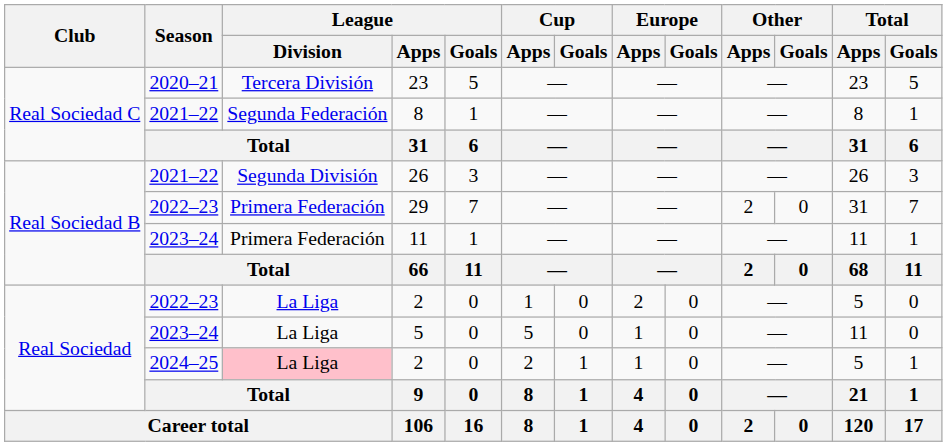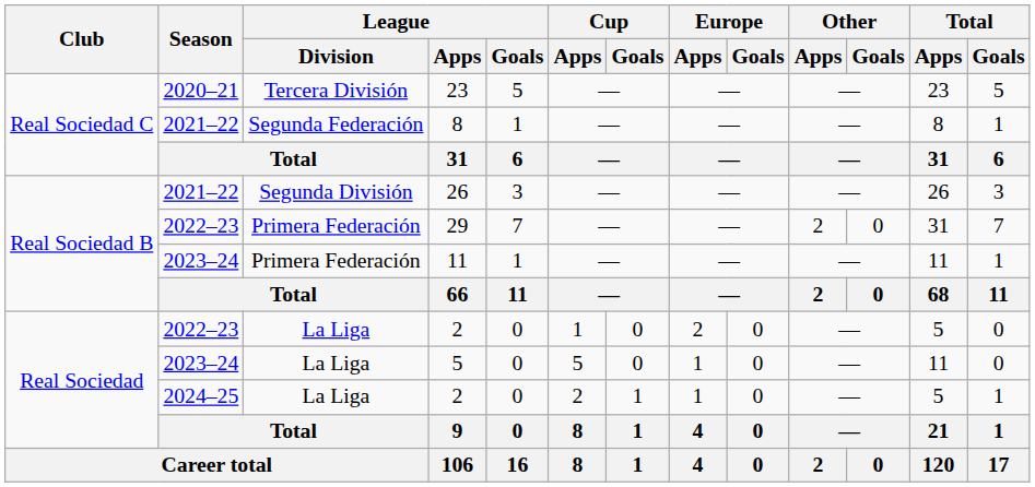 <table class="wikitable" style="text-align:center">
 <tr>
 <th rowspan="2">Club</th>
 <th rowspan="2">Season</th>
 <th colspan="3">League</th>
 <th colspan="2">Cup</th>
 <th colspan="2">Europe</th>
 <th colspan="2">Other</th>
 <th colspan="2">Total</th>
 </tr>
 <tr>
 <th>Division</th>
 <th>Apps</th>
 <th>Goals</th>
 <th>Apps</th>
 <th>Goals</th>
 <th>Apps</th>
 <th>Goals</th>
 <th>Apps</th>
 <th>Goals</th>
 <th>Apps</th>
 <th>Goals</th>
 </tr>
 <tr>
 <td rowspan="3"><a href='#'>Real Sociedad C</a></td>
 <td><a href='#'>2020–21</a></td>
 <td><a href='#'>Tercera División</a></td>
 <td>23</td>
 <td>5</td>
 <td colspan="2">—</td>
 <td colspan="2">—</td>
 <td colspan="2">—</td>
 <td>23</td>
 <td>5</td>
 </tr>
 <tr>
 <td><a href='#'>2021–22</a></td>
 <td><a href='#'>Segunda Federación</a></td>
 <td>8</td>
 <td>1</td>
 <td colspan="2">—</td>
 <td colspan="2">—</td>
 <td colspan="2">—</td>
 <td>8</td>
 <td>1</td>
 </tr>
 <tr>
 <th colspan="2">Total</th>
 <th>31</th>
 <th>6</th>
 <th colspan="2">—</th>
 <th colspan="2">—</th>
 <th colspan="2">—</th>
 <th>31</th>
 <th>6</th>
 </tr>
 <tr>
 <td rowspan="4"><a href='#'>Real Sociedad B</a></td>
 <td><a href='#'>2021–22</a></td>
 <td><a href='#'>Segunda División</a></td>
 <td>26</td>
 <td>3</td>
 <td colspan="2">—</td>
 <td colspan="2">—</td>
 <td colspan="2">—</td>
 <td>26</td>
 <td>3</td>
 </tr>
 <tr>
 <td><a href='#'>2022–23</a></td>
 <td><a href='#'>Primera Federación</a></td>
 <td>29</td>
 <td>7</td>
 <td colspan="2">—</td>
 <td colspan="2">—</td>
 <td>2</td>
 <td>0</td>
 <td>31</td>
 <td>7</td>
 </tr>
 <tr>
 <td><a href='#'>2023–24</a></td>
 <td>Primera Federación</td>
 <td>11</td>
 <td>1</td>
 <td colspan="2">—</td>
 <td colspan="2">—</td>
 <td colspan="2">—</td>
 <td>11</td>
 <td>1</td>
 </tr>
 <tr>
 <th colspan="2">Total</th>
 <th>66</th>
 <th>11</th>
 <th colspan="2">—</th>
 <th colspan="2">—</th>
 <th>2</th>
 <th>0</th>
 <th>68</th>
 <th>11</th>
 </tr>
 <tr>
 <td rowspan="4"><a href='#'>Real Sociedad</a></td>
 <td><a href='#'>2022–23</a></td>
 <td><a href='#'>La Liga</a></td>
 <td>2</td>
 <td>0</td>
 <td>1</td>
 <td>0</td>
 <td>2</td>
 <td>0</td>
 <td colspan="2">—</td>
 <td>5</td>
 <td>0</td>
 </tr>
 <tr>
 <td><a href='#'>2023–24</a></td>
 <td>La Liga</td>
 <td>5</td>
 <td>0</td>
 <td>5</td>
 <td>0</td>
 <td>1</td>
 <td>0</td>
 <td colspan="2">—</td>
 <td>11</td>
 <td>0</td>
 </tr>
 <tr>
 <td><a href='#'>2024–25</a></td>
-<td style="background: pink;">La Liga</td>
+<td>La Liga</td>
 <td>2</td>
 <td>0</td>
 <td>2</td>
 <td>1</td>
 <td>1</td>
 <td>0</td>
 <td colspan="2">—</td>
 <td>5</td>
 <td>1</td>
 </tr>
 <tr>
 <th colspan="2">Total</th>
 <th>9</th>
 <th>0</th>
 <th>8</th>
 <th>1</th>
 <th>4</th>
 <th>0</th>
 <th colspan="2">—</th>
 <th>21</th>
 <th>1</th>
 </tr>
 <tr>
 <th colspan="3">Career total</th>
 <th>106</th>
 <th>16</th>
 <th>8</th>
 <th>1</th>
 <th>4</th>
 <th>0</th>
 <th>2</th>
 <th>0</th>
 <th>120</th>
 <th>17</th>
 </tr>
 </table>
